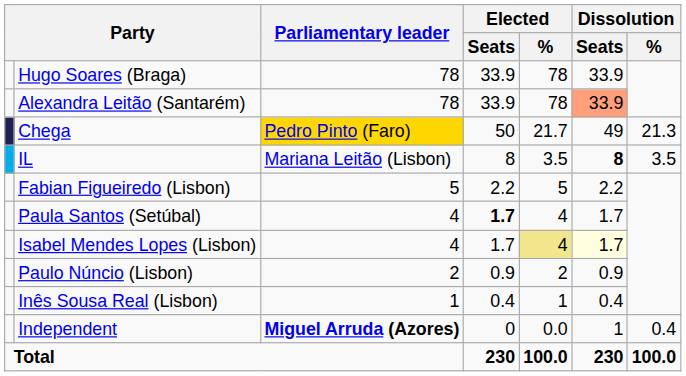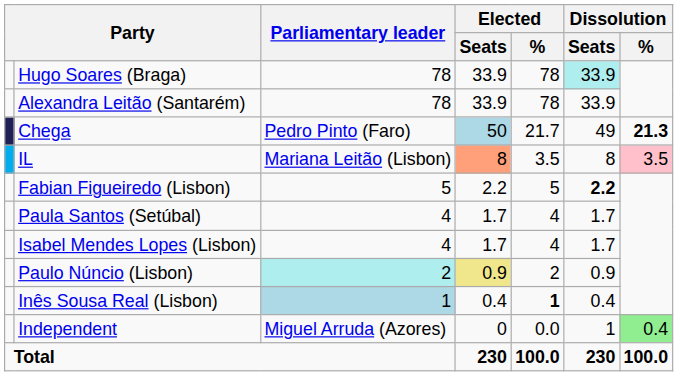 <table class="wikitable" style="text-align:right; font-size:95%;">
 <tr>
 <th colspan="2" rowspan="2">Party</th>
 <th rowspan="2"><a href='#'>Parliamentary leader</a></th>
 <th colspan="2">Elected</th>
 <th colspan="2">Dissolution</th>
 </tr>
 <tr>
 <th>Seats</th>
 <th>%</th>
 <th>Seats</th>
 <th>%</th>
 </tr>
 <tr>
 <td></td>
 <td align="left"><a href='#'>Hugo Soares</a> (Braga)</td>
 <td align="right">78</td>
 <td align="right">33.9</td>
 <td align="right">78</td>
-<td align="right">33.9</td>
+<td align="right" style="background: paleturquoise;">33.9</td>
 </tr>
 <tr>
 <td></td>
 <td align="left"><a href='#'>Alexandra Leitão</a> (Santarém)</td>
 <td align="right">78</td>
 <td align="right">33.9</td>
 <td align="right">78</td>
-<td align="right" style="background: lightsalmon;">33.9</td>
+<td align="right">33.9</td>
 </tr>
 <tr>
 <td style="background:#202056; text-align:center;"></td>
 <td style="text-align:left;"><a href='#'>Chega</a></td>
-<td align="left" style="background: gold;"><a href='#'>Pedro Pinto</a> (Faro)</td>
-<td align="right">50</td>
+<td align="left"><a href='#'>Pedro Pinto</a> (Faro)</td>
+<td align="right" style="background: lightblue;">50</td>
 <td align="right">21.7</td>
 <td align="right">49</td>
-<td align="right">21.3</td>
+<td align="right"><strong>21.3</strong></td>
 </tr>
 <tr>
 <td style="background:#00ADEF; text-align:center;"></td>
 <td style="text-align:left;"><a href='#'>IL</a></td>
 <td align="left"><a href='#'>Mariana Leitão</a> (Lisbon)</td>
+<td align="right" style="background: lightsalmon;">8</td>
+<td align="right">3.5</td>
 <td align="right">8</td>
-<td align="right">3.5</td>
-<td align="right"><strong>8</strong></td>
-<td align="right">3.5</td>
+<td align="right" style="background: pink;">3.5</td>
 </tr>
 <tr>
 <td></td>
 <td align="left"><a href='#'>Fabian Figueiredo</a> (Lisbon)</td>
 <td align="right">5</td>
 <td align="right">2.2</td>
 <td align="right">5</td>
-<td align="right">2.2</td>
+<td align="right"><strong>2.2</strong></td>
 </tr>
 <tr>
 <td></td>
 <td align="left"><a href='#'>Paula Santos</a> (Setúbal)</td>
 <td align="right">4</td>
-<td align="right"><strong>1.7</strong></td>
+<td align="right">1.7</td>
 <td align="right">4</td>
 <td align="right">1.7</td>
 </tr>
 <tr>
 <td></td>
 <td align="left"><a href='#'>Isabel Mendes Lopes</a> (Lisbon)</td>
 <td align="right">4</td>
 <td align="right">1.7</td>
-<td align="right" style="background: khaki;">4</td>
-<td align="right" style="background: lightyellow;">1.7</td>
+<td align="right">4</td>
+<td align="right">1.7</td>
 </tr>
 <tr>
 <td></td>
 <td align="left"><a href='#'>Paulo Núncio</a> (Lisbon)</td>
-<td align="right">2</td>
-<td align="right">0.9</td>
+<td align="right" style="background: paleturquoise;">2</td>
+<td align="right" style="background: khaki;">0.9</td>
 <td align="right">2</td>
 <td align="right">0.9</td>
 </tr>
 <tr>
 <td></td>
 <td align="left"><a href='#'>Inês Sousa Real</a> (Lisbon)</td>
-<td align="right">1</td>
+<td align="right" style="background: lightblue;">1</td>
 <td align="right">0.4</td>
-<td align="right">1</td>
+<td align="right"><strong>1</strong></td>
 <td align="right">0.4</td>
 </tr>
 <tr>
 <td style="width:1px; background:"></td>
 <td style="text-align:left;"><a href='#'>Independent</a></td>
-<td align="left"><strong><a href='#'>Miguel Arruda</a> (Azores)</strong></td>
+<td align="left"><a href='#'>Miguel Arruda</a> (Azores)</td>
 <td align="right">0</td>
 <td align="right">0.0</td>
 <td align="right">1</td>
-<td align="right">0.4</td>
+<td align="right" style="background: lightgreen;">0.4</td>
 </tr>
 <tr>
 <td colspan="3" align="left"> <strong>Total</strong></td>
 <td align="right"><strong>230</strong></td>
 <td align="right"><strong>100.0</strong></td>
 <td align="right"><strong>230</strong></td>
 <td align="right"><strong>100.0</strong></td>
 </tr>
 </table>
